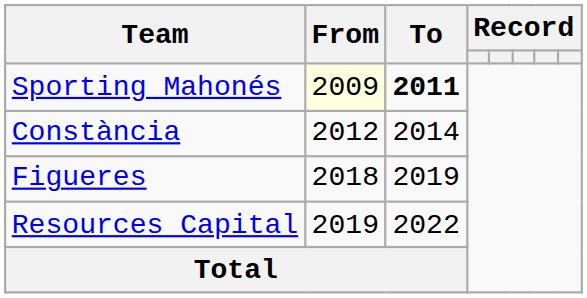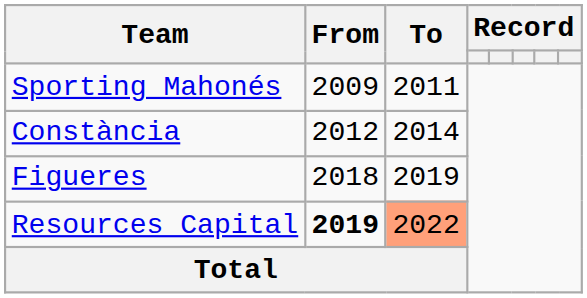 <table class=wikitable style="text-align:center">
 <tr>
 <th rowspan=2>Team</th>
 <th rowspan=2>From</th>
 <th rowspan=2>To</th>
 <th colspan=5>Record</th>
 </tr>
 <tr>
 <th></th>
 <th></th>
 <th></th>
 <th></th>
 <th></th>
 </tr>
 <tr>
 <td align=left><a href='#'>Sporting Mahonés</a></td>
-<td align=left style="background: lightyellow;">2009</td>
-<td align=left><strong>2011<br></strong></td>
+<td align=left>2009</td>
+<td align=left>2011<br></td>
 </tr>
 <tr>
 <td align=left><a href='#'>Constància</a></td>
 <td align=left>2012</td>
 <td align=left>2014<br></td>
 </tr>
 <tr>
 <td align=left><a href='#'>Figueres</a></td>
 <td align=left>2018</td>
 <td align=left>2019<br></td>
 </tr>
 <tr>
 <td align=left><a href='#'>Resources Capital</a></td>
-<td align=left>2019</td>
-<td align=left>2022<br></td>
+<td align=left><strong>2019</strong></td>
+<td align=left style="background: lightsalmon;">2022<br></td>
 </tr>
 <tr>
 <th colspan=3>Total<br></th>
 </tr>
 </table>
